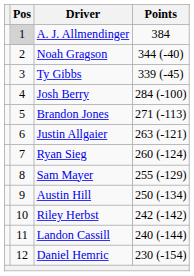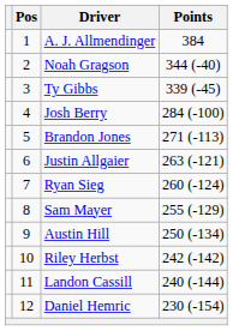 <table class="wikitable" style="font-size: 95%;">
 <tr>
 <th></th>
 <th>Pos</th>
 <th>Driver</th>
 <th>Points</th>
 </tr>
 <tr>
 <td align="left"></td>
-<td style="background: lightgrey; text-align:center;">1</td>
+<td style="text-align:center;">1</td>
 <td><a href='#'>A. J. Allmendinger</a></td>
 <td style="text-align:center;">384</td>
 </tr>
 <tr>
 <td align="left"></td>
 <td style="text-align:center;">2</td>
 <td><a href='#'>Noah Gragson</a></td>
 <td style="text-align:center;">344 (-40)</td>
 </tr>
 <tr>
 <td align="left"></td>
 <td style="text-align:center;">3</td>
 <td><a href='#'>Ty Gibbs</a></td>
 <td style="text-align:center;">339 (-45)</td>
 </tr>
 <tr>
 <td align="left"></td>
 <td style="text-align:center;">4</td>
 <td><a href='#'>Josh Berry</a></td>
 <td style="text-align:center;">284 (-100)</td>
 </tr>
 <tr>
 <td align="left"></td>
 <td style="text-align:center;">5</td>
 <td><a href='#'>Brandon Jones</a></td>
 <td style="text-align:center;">271 (-113)</td>
 </tr>
 <tr>
 <td align="left"></td>
 <td style="text-align:center;">6</td>
 <td><a href='#'>Justin Allgaier</a></td>
 <td style="text-align:center;">263 (-121)</td>
 </tr>
 <tr>
 <td align="left"></td>
 <td style="text-align:center;">7</td>
 <td><a href='#'>Ryan Sieg</a></td>
 <td style="text-align:center;">260 (-124)</td>
 </tr>
 <tr>
 <td align="left"></td>
 <td style="text-align:center;">8</td>
 <td><a href='#'>Sam Mayer</a></td>
 <td style="text-align:center;">255 (-129)</td>
 </tr>
 <tr>
 <td align="left"></td>
 <td style="text-align:center;">9</td>
 <td><a href='#'>Austin Hill</a></td>
 <td style="text-align:center;">250 (-134)</td>
 </tr>
 <tr>
 <td align="left"></td>
 <td style="text-align:center;">10</td>
 <td><a href='#'>Riley Herbst</a></td>
 <td style="text-align:center;">242 (-142)</td>
 </tr>
 <tr>
 <td align="left"></td>
 <td style="text-align:center;">11</td>
 <td><a href='#'>Landon Cassill</a></td>
 <td style="text-align:center;">240 (-144)</td>
 </tr>
 <tr>
 <td align="left"></td>
 <td style="text-align:center;">12</td>
 <td><a href='#'>Daniel Hemric</a></td>
 <td style="text-align:center;">230 (-154)</td>
 </tr>
 <tr class="sortbottom">
 <th colspan="9"></th>
 </tr>
 </table>
